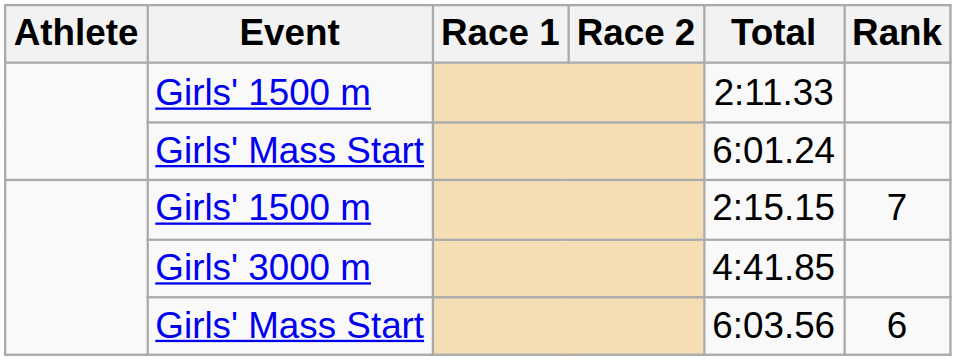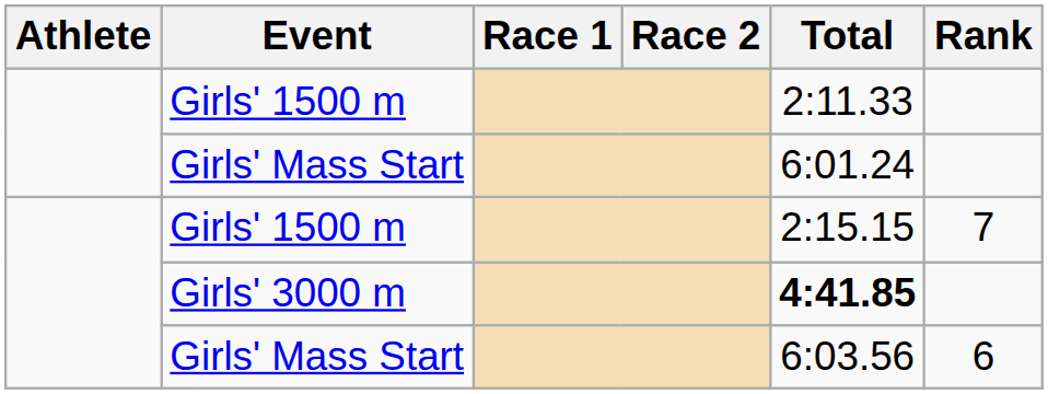 <table class="wikitable">
 <tr>
 <th>Athlete</th>
 <th>Event</th>
 <th>Race 1</th>
 <th>Race 2</th>
 <th>Total</th>
 <th>Rank</th>
 </tr>
 <tr>
 <td rowspan=2></td>
 <td><a href='#'>Girls' 1500 m</a></td>
 <td colspan=2 bgcolor="wheat"></td>
 <td align="center">2:11.33</td>
 <td align="center"></td>
 </tr>
 <tr>
 <td><a href='#'>Girls' Mass Start</a></td>
 <td colspan=2 bgcolor="wheat"></td>
 <td align="center">6:01.24</td>
 <td align="center"></td>
 </tr>
 <tr>
 <td rowspan=3></td>
 <td><a href='#'>Girls' 1500 m</a></td>
 <td colspan=2 bgcolor="wheat"></td>
 <td align="center">2:15.15</td>
 <td align="center">7</td>
 </tr>
 <tr>
 <td><a href='#'>Girls' 3000 m</a></td>
 <td colspan=2 bgcolor="wheat"></td>
-<td align="center">4:41.85</td>
+<td align="center"><strong>4:41.85</strong></td>
 <td align="center"></td>
 </tr>
 <tr>
 <td><a href='#'>Girls' Mass Start</a></td>
 <td colspan=2 bgcolor="wheat"></td>
 <td align="center">6:03.56</td>
 <td align="center">6</td>
 </tr>
 </table>
